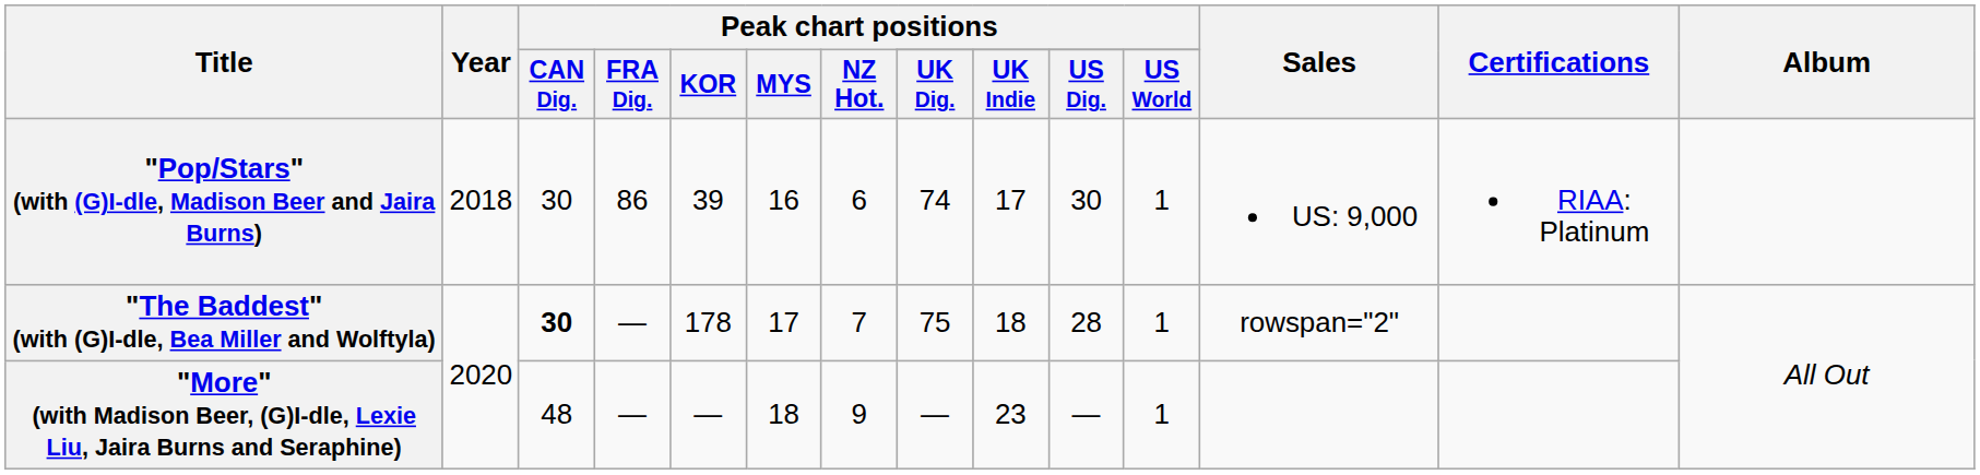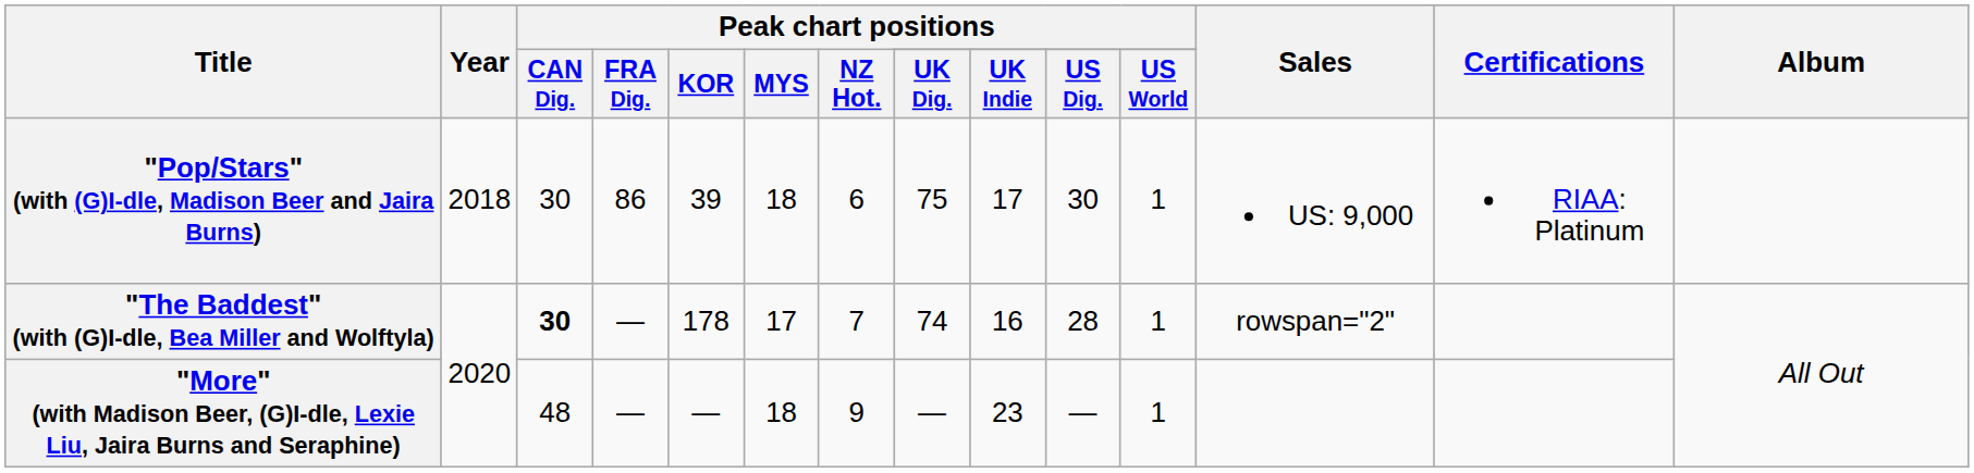 <table class="wikitable plainrowheaders" style="text-align:center;">
 <tr>
 <th scope="col" rowspan="3" style="width:15em;">Title</th>
 <th scope="col" rowspan="3" style="width:2em;">Year</th>
 <th colspan="9" scope="col">Peak chart positions</th>
 <th scope="col" rowspan="3" style="width:8em;">Sales</th>
 <th scope="col" rowspan="3" style="width:8em;"><a href='#'>Certifications</a></th>
 <th scope="col" rowspan="3" style="width:10em;">Album</th>
 </tr>
 <tr>
 <th scope="col" rowspan="2" style="width:2.5em;font-size:90%;"><a href='#'>CAN<br><small>Dig.</small></a><br></th>
 <th scope="col" rowspan="2" style="width:2.5em;font-size:90%;"><a href='#'>FRA<br><small>Dig.</small></a><br></th>
 <th scope="col" rowspan="2" style="width:2.5em;font-size:90%;"><a href='#'>KOR</a><br></th>
 <th scope="col" rowspan="2" style="width:2.5em;font-size:90%"><a href='#'>MYS</a><br></th>
 <th scope="col" rowspan="2" style="width:2.5em;font-size:90%;"><a href='#'>NZ<br>Hot.</a><br></th>
 </tr>
 <tr>
 <th scope="col" style="width:2.5em;font-size:90%;"><a href='#'>UK<br><small>Dig.</small></a><br></th>
 <th scope="col" style="width:2.5em;font-size:90%;"><a href='#'>UK<br><small>Indie</small></a><br></th>
 <th scope="col" rowspan="1" style="width:2.5em;font-size:90%;"><a href='#'>US<br><small>Dig.</small></a><br></th>
 <th scope="col" rowspan="1" style="width:2.5em;font-size:90%;"><a href='#'>US<br><small>World</small></a><br></th>
 </tr>
 <tr>
 <th scope="row">"<a href='#'>Pop/Stars</a>"<br><small>(with <a href='#'>(G)I-dle</a>, <a href='#'>Madison Beer</a> and <a href='#'>Jaira Burns</a>)</small></th>
 <td>2018</td>
 <td>30</td>
 <td>86</td>
 <td>39</td>
-<td>16</td>
+<td>18</td>
 <td>6</td>
-<td>74</td>
+<td>75</td>
 <td>17</td>
 <td>30</td>
 <td>1</td>
 <td><br><ul><li>US: 9,000</li></ul></td>
 <td><br><ul><li><a href='#'>RIAA</a>: Platinum </li></ul></td>
 <td></td>
 </tr>
 <tr>
 <th scope="row">"<a href='#'>The Baddest</a>"<br><small>(with (G)I-dle, <a href='#'>Bea Miller</a> and Wolftyla)</small></th>
 <td rowspan="2">2020</td>
 <td><strong>30</strong></td>
 <td>—</td>
 <td>178</td>
 <td>17</td>
 <td>7</td>
-<td>75</td>
-<td>18</td>
+<td>74</td>
+<td>16</td>
 <td>28</td>
 <td>1</td>
 <td>rowspan="2" </td>
 <td></td>
 <td rowspan="2"><em>All Out</em></td>
 </tr>
 <tr>
 <th scope="row">"<a href='#'>More</a>"<br><small>(with Madison Beer, (G)I-dle, <a href='#'>Lexie Liu</a>, Jaira Burns and Seraphine)</small></th>
 <td>48</td>
 <td>—</td>
 <td>—</td>
 <td>18</td>
 <td>9</td>
 <td>—</td>
 <td>23</td>
 <td>—</td>
 <td>1</td>
 <td></td>
 </tr>
 </table>
